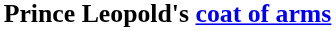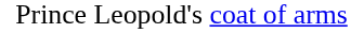 <table border="0" align="center" width="80%">
 <tr>
 <th width=25%></th>
 </tr>
 <tr>
-<td style="text-align: center;"><strong>Prince Leopold's <a href='#'>coat of arms</a></strong></td>
+<td style="text-align: center;">Prince Leopold's <a href='#'>coat of arms</a></td>
 </tr>
 </table>
